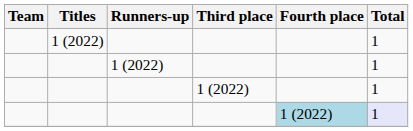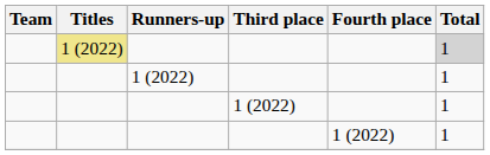 <table class="wikitable sortable">
 <tr>
 <th>Team</th>
 <th>Titles</th>
 <th>Runners-up</th>
 <th>Third place</th>
 <th>Fourth place</th>
 <th>Total</th>
 </tr>
 <tr>
 <td></td>
-<td>1 (2022)</td>
+<td style="background: khaki;">1 (2022)</td>
 <td></td>
 <td></td>
 <td></td>
-<td>1</td>
+<td style="background: lightgrey;">1</td>
 </tr>
 <tr>
 <td></td>
 <td></td>
 <td>1 (2022)</td>
 <td></td>
 <td></td>
 <td>1</td>
 </tr>
 <tr>
 <td></td>
 <td></td>
 <td></td>
 <td>1 (2022)</td>
 <td></td>
 <td>1</td>
 </tr>
 <tr>
 <td></td>
 <td></td>
 <td></td>
 <td></td>
-<td style="background: lightblue;">1 (2022)</td>
-<td style="background: lavender;">1</td>
+<td>1 (2022)</td>
+<td>1</td>
 </tr>
 <tr>
 </tr>
 </table>
